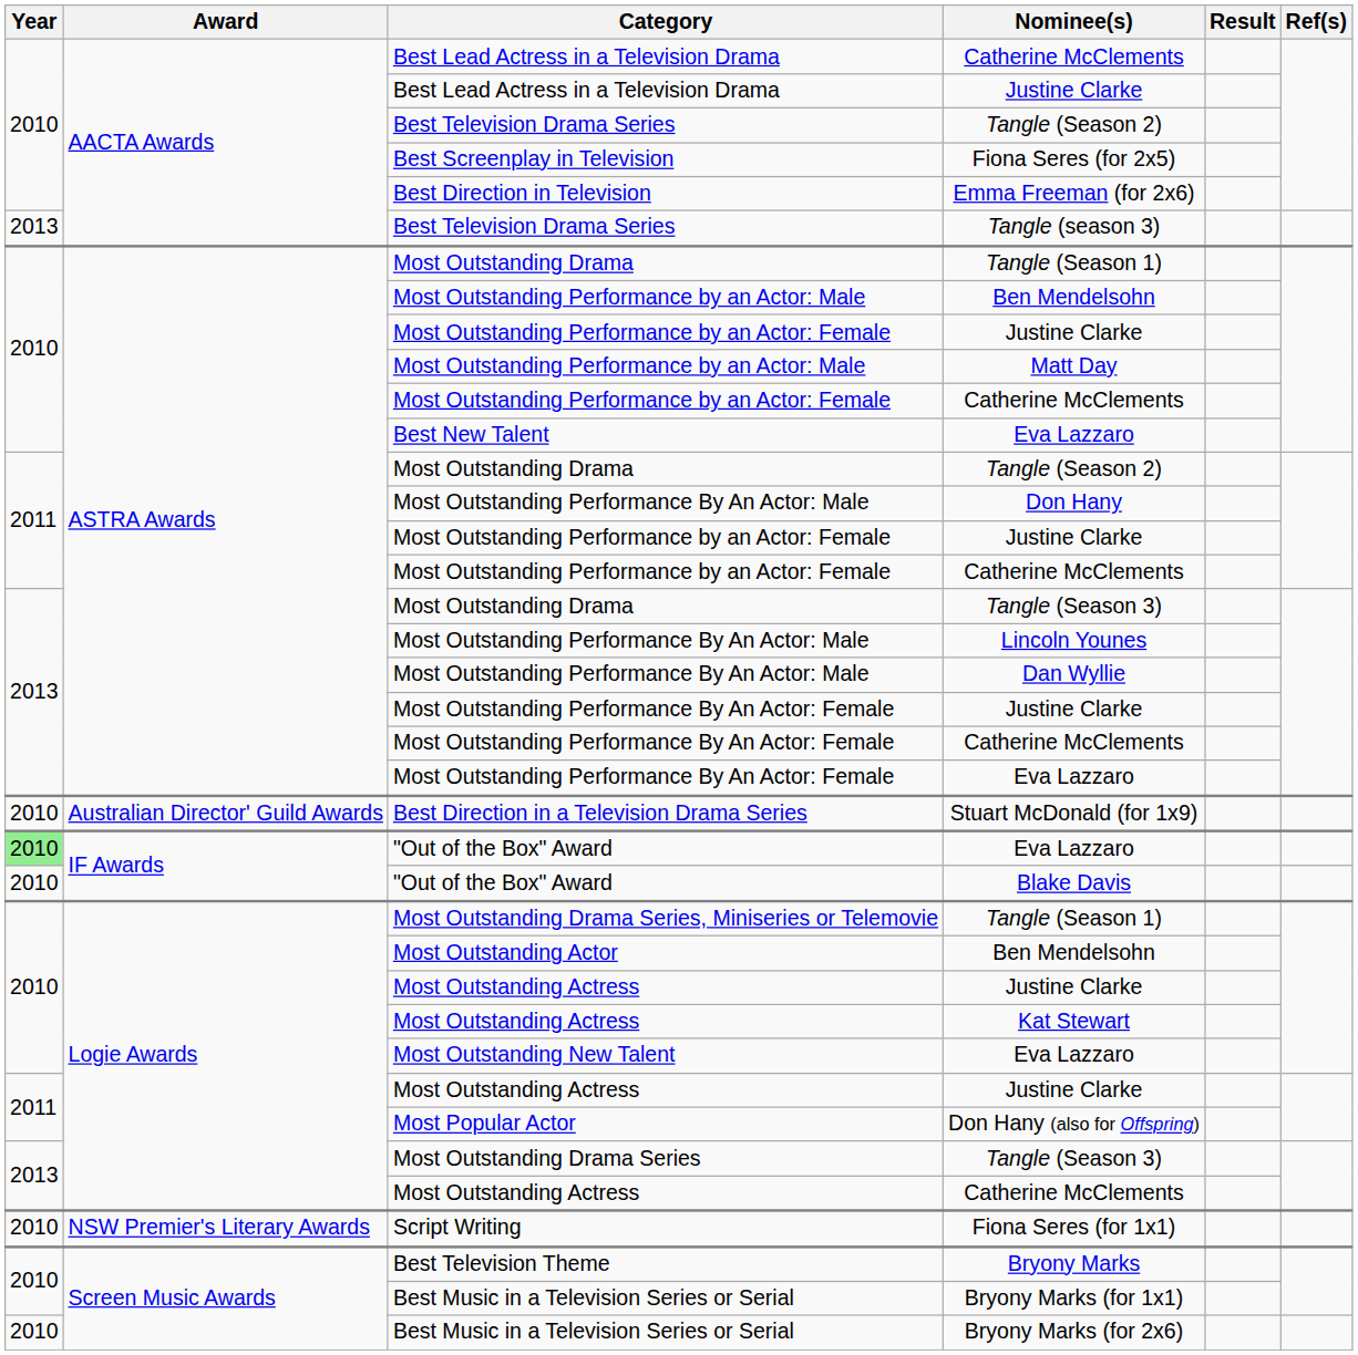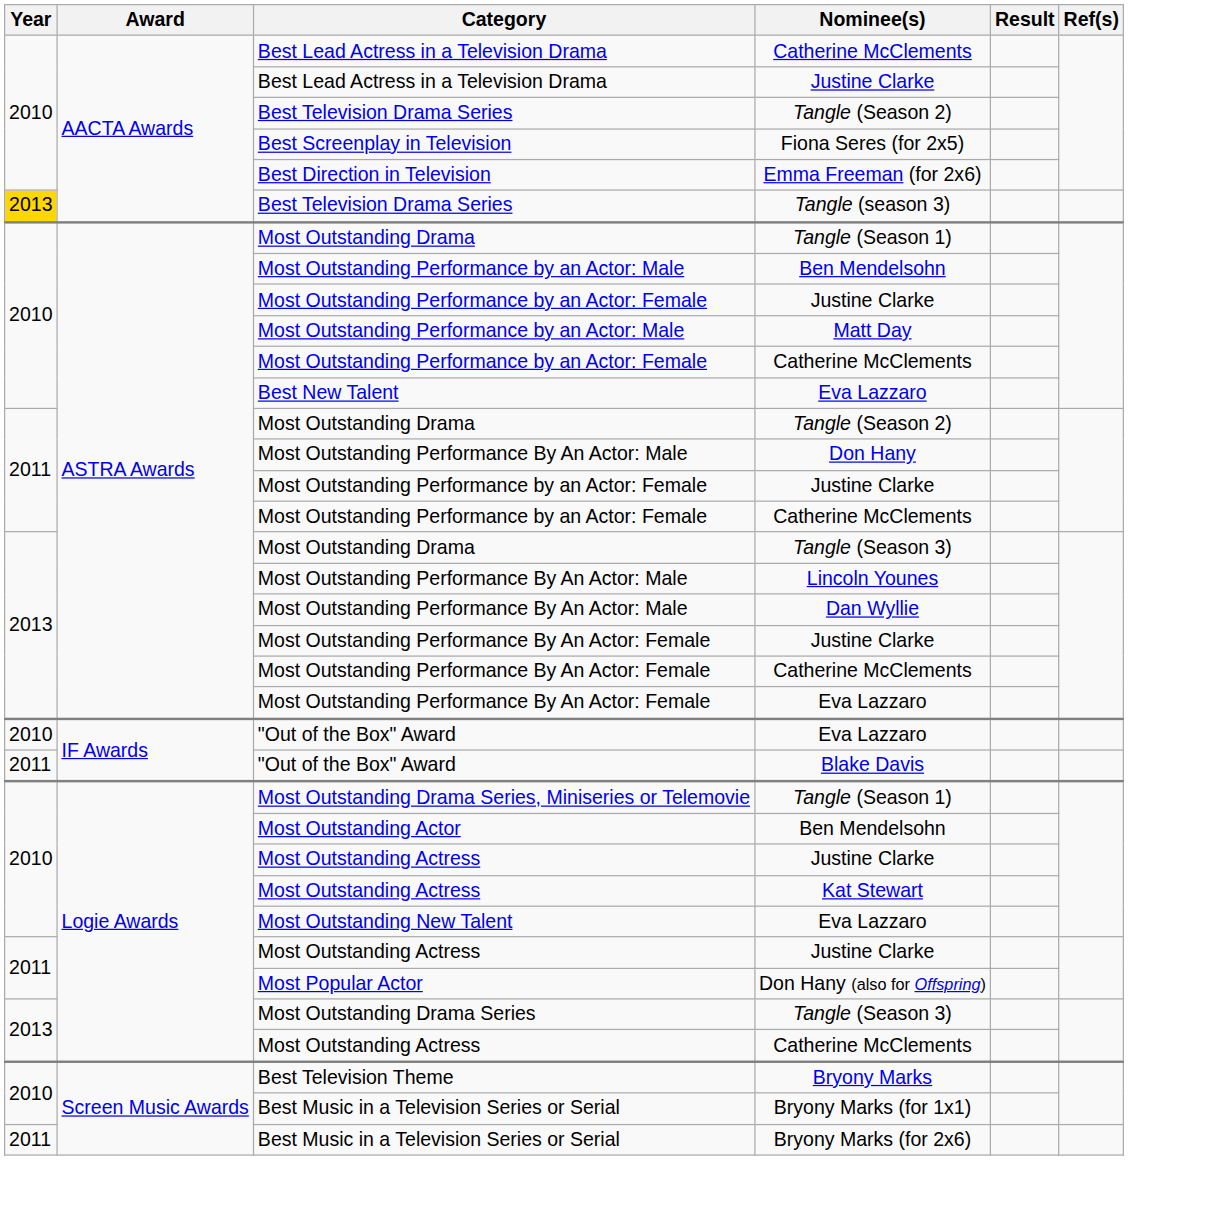 <table class="wikitable">
 <tr>
 <th>Year</th>
 <th>Award</th>
 <th>Category</th>
 <th>Nominee(s)</th>
 <th>Result</th>
 <th>Ref(s)</th>
 </tr>
 <tr>
 <td rowspan="5">2010</td>
 <td rowspan="6"><a href='#'>AACTA Awards</a></td>
 <td><a href='#'>Best Lead Actress in a Television Drama</a></td>
 <td align="center"><a href='#'>Catherine McClements</a></td>
 <td></td>
 <td rowspan="5" align="center"></td>
 </tr>
 <tr>
 <td>Best Lead Actress in a Television Drama</td>
 <td align="center"><a href='#'>Justine Clarke</a></td>
 <td></td>
 </tr>
 <tr>
 <td><a href='#'>Best Television Drama Series</a></td>
 <td align="center"><em>Tangle</em> (Season 2)</td>
 <td></td>
 </tr>
 <tr>
 <td><a href='#'>Best Screenplay in Television</a></td>
 <td align="center">Fiona Seres (for 2x5)</td>
 <td></td>
 </tr>
 <tr>
 <td><a href='#'>Best Direction in Television</a></td>
 <td align="center"><a href='#'>Emma Freeman</a> (for 2x6)</td>
 <td></td>
 </tr>
 <tr>
-<td>2013</td>
+<td style="background: gold;">2013</td>
 <td><a href='#'>Best Television Drama Series</a></td>
 <td align="center"><em>Tangle</em> (season 3)</td>
 <td></td>
 <td align="center"></td>
 </tr>
 <tr style="border-top:2px solid gray;">
 <td rowspan="6">2010</td>
 <td rowspan="16"><a href='#'>ASTRA Awards</a></td>
 <td><a href='#'>Most Outstanding Drama</a></td>
 <td align="center"><em>Tangle</em> (Season 1)</td>
 <td></td>
 <td rowspan="6" align="center"></td>
 </tr>
 <tr>
 <td><a href='#'>Most Outstanding Performance by an Actor: Male</a></td>
 <td align="center"><a href='#'>Ben Mendelsohn</a></td>
 <td></td>
 </tr>
 <tr>
 <td><a href='#'>Most Outstanding Performance by an Actor: Female</a></td>
 <td align="center">Justine Clarke</td>
 <td></td>
 </tr>
 <tr>
 <td><a href='#'>Most Outstanding Performance by an Actor: Male</a></td>
 <td align="center"><a href='#'>Matt Day</a></td>
 <td></td>
 </tr>
 <tr>
 <td><a href='#'>Most Outstanding Performance by an Actor: Female</a></td>
 <td align="center">Catherine McClements</td>
 <td></td>
 </tr>
 <tr>
 <td><a href='#'>Best New Talent</a></td>
 <td align="center"><a href='#'>Eva Lazzaro</a></td>
 <td></td>
 </tr>
 <tr>
 <td rowspan="4">2011</td>
 <td>Most Outstanding Drama</td>
 <td align="center"><em>Tangle</em> (Season 2)</td>
 <td></td>
 <td rowspan="4" align="center"></td>
 </tr>
 <tr>
 <td>Most Outstanding Performance By An Actor: Male</td>
 <td align="center"><a href='#'>Don Hany</a></td>
 <td></td>
 </tr>
 <tr>
 <td>Most Outstanding Performance by an Actor: Female</td>
 <td align="center">Justine Clarke</td>
 <td></td>
 </tr>
 <tr>
 <td>Most Outstanding Performance by an Actor: Female</td>
 <td align="center">Catherine McClements</td>
 <td></td>
 </tr>
 <tr>
 <td rowspan="6">2013</td>
 <td>Most Outstanding Drama</td>
 <td align="center"><em>Tangle</em> (Season 3)</td>
 <td></td>
 <td rowspan="6" align="center"></td>
 </tr>
 <tr>
 <td>Most Outstanding Performance By An Actor: Male</td>
 <td align="center"><a href='#'>Lincoln Younes</a></td>
 <td></td>
 </tr>
 <tr>
 <td>Most Outstanding Performance By An Actor: Male</td>
 <td align="center"><a href='#'>Dan Wyllie</a></td>
 <td></td>
 </tr>
 <tr>
 <td>Most Outstanding Performance By An Actor: Female</td>
 <td align="center">Justine Clarke</td>
 <td></td>
 </tr>
 <tr>
 <td>Most Outstanding Performance By An Actor: Female</td>
 <td align="center">Catherine McClements</td>
 <td></td>
 </tr>
 <tr>
 <td>Most Outstanding Performance By An Actor: Female</td>
 <td align="center">Eva Lazzaro</td>
 <td></td>
 </tr>
 <tr style="border-top:2px solid gray;">
 <td>2010</td>
-<td><a href='#'>Australian Director' Guild Awards</a></td>
-<td><a href='#'>Best Direction in a Television Drama Series</a></td>
-<td align="center">Stuart McDonald (for 1x9)</td>
-<td></td>
-<td align="center"></td>
-</tr>
-<tr style="border-top:2px solid gray;">
-<td style="background: lightgreen;">2010</td>
 <td rowspan="2"><a href='#'>IF Awards</a></td>
 <td>"Out of the Box" Award</td>
 <td align="center">Eva Lazzaro</td>
 <td></td>
 <td></td>
 </tr>
 <tr>
-<td>2010</td>
+<td>2011</td>
 <td>"Out of the Box" Award</td>
 <td align="center"><a href='#'>Blake Davis</a></td>
 <td></td>
 <td></td>
 </tr>
 <tr style="border-top:2px solid gray;">
 <td rowspan="5">2010</td>
 <td rowspan="9"><a href='#'>Logie Awards</a></td>
 <td><a href='#'>Most Outstanding Drama Series, Miniseries or Telemovie</a></td>
 <td align="center"><em>Tangle</em> (Season 1)</td>
 <td></td>
 <td rowspan="5" align="center"></td>
 </tr>
 <tr>
 <td><a href='#'>Most Outstanding Actor</a></td>
 <td align="center">Ben Mendelsohn</td>
 <td></td>
 </tr>
 <tr>
 <td><a href='#'>Most Outstanding Actress</a></td>
 <td align="center">Justine Clarke</td>
 <td></td>
 </tr>
 <tr>
 <td><a href='#'>Most Outstanding Actress</a></td>
 <td align="center"><a href='#'>Kat Stewart</a></td>
 <td></td>
 </tr>
 <tr>
 <td><a href='#'>Most Outstanding New Talent</a></td>
 <td align="center">Eva Lazzaro</td>
 <td></td>
 </tr>
 <tr>
 <td rowspan="2">2011</td>
 <td>Most Outstanding Actress</td>
 <td align="center">Justine Clarke</td>
 <td></td>
 <td rowspan="2" align="center"></td>
 </tr>
 <tr>
 <td><a href='#'>Most Popular Actor</a></td>
 <td align="center">Don Hany <small>(also for <em><a href='#'>Offspring</a></em>)</small></td>
 <td></td>
 </tr>
 <tr>
 <td rowspan="2">2013</td>
 <td>Most Outstanding Drama Series</td>
 <td align="center"><em>Tangle</em> (Season 3)</td>
 <td></td>
 <td rowspan="2" align="center"></td>
 </tr>
 <tr>
 <td>Most Outstanding Actress</td>
 <td align="center">Catherine McClements</td>
 <td></td>
 </tr>
 <tr style="border-top:2px solid gray;">
-<td>2010</td>
-<td><a href='#'>NSW Premier's Literary Awards</a></td>
-<td>Script Writing</td>
-<td align="center">Fiona Seres (for 1x1)</td>
-<td></td>
-<td align="center"></td>
-</tr>
-<tr style="border-top:2px solid gray;">
 <td rowspan="2">2010</td>
 <td rowspan="3"><a href='#'>Screen Music Awards</a></td>
 <td>Best Television Theme</td>
 <td align="center"><a href='#'>Bryony Marks</a></td>
 <td></td>
 <td rowspan="2" align="center"></td>
 </tr>
 <tr>
 <td>Best Music in a Television Series or Serial</td>
 <td align="center">Bryony Marks (for 1x1)</td>
 <td></td>
 </tr>
 <tr>
-<td>2010</td>
+<td>2011</td>
 <td>Best Music in a Television Series or Serial</td>
 <td align="center">Bryony Marks (for 2x6)</td>
 <td></td>
 <td align="center"></td>
 </tr>
 </table>
